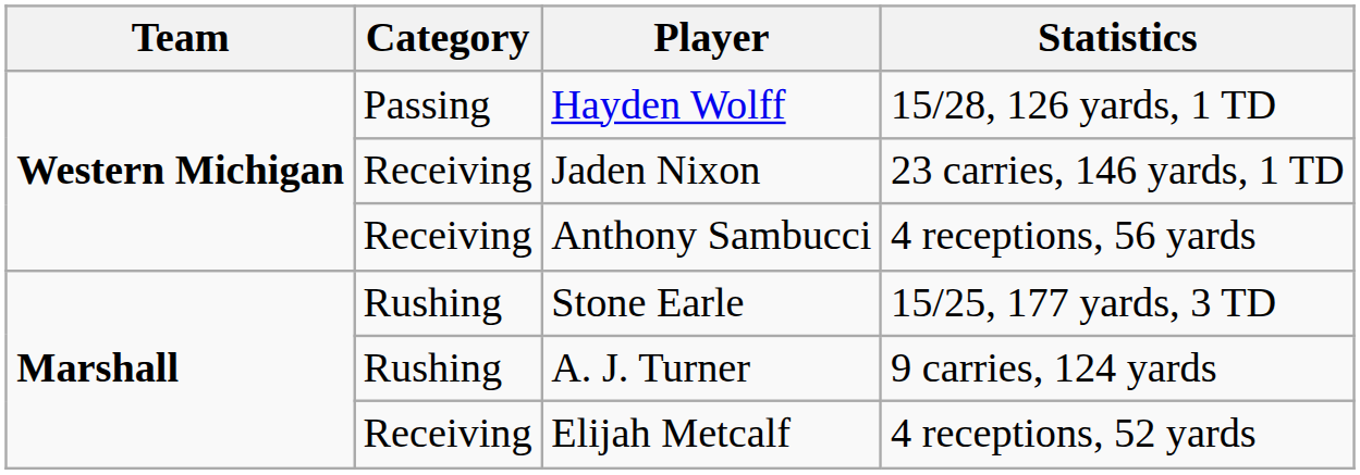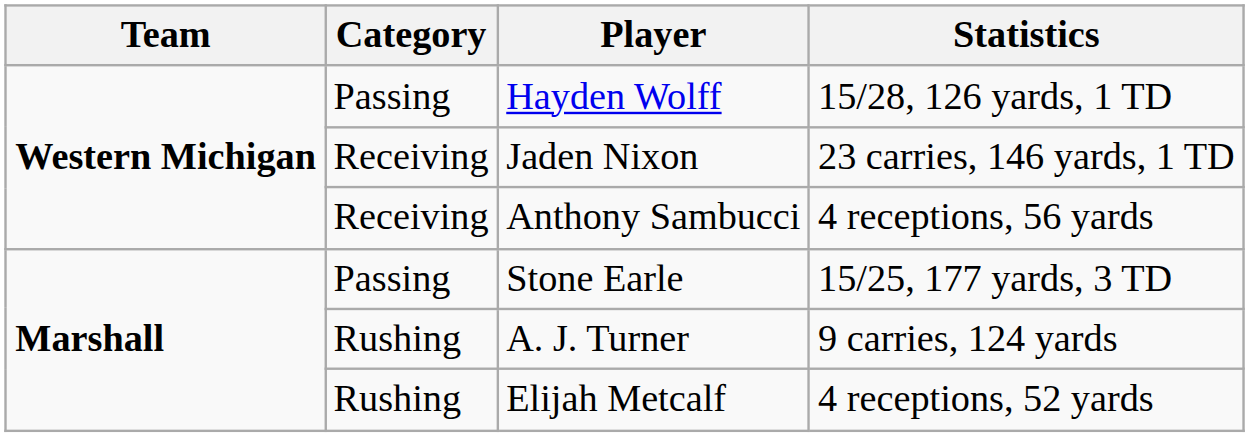 <table class="wikitable" style="float: right;">
 <tr>
 <th>Team</th>
 <th>Category</th>
 <th>Player</th>
 <th>Statistics</th>
 </tr>
 <tr>
 <td rowspan=3><strong>Western Michigan</strong></td>
 <td>Passing</td>
 <td><a href='#'>Hayden Wolff</a></td>
 <td>15/28, 126 yards, 1 TD</td>
 </tr>
 <tr>
 <td>Receiving</td>
 <td>Jaden Nixon</td>
 <td>23 carries, 146 yards, 1 TD</td>
 </tr>
 <tr>
 <td>Receiving</td>
 <td>Anthony Sambucci</td>
 <td>4 receptions, 56 yards</td>
 </tr>
 <tr>
 <td rowspan=3><strong>Marshall</strong></td>
-<td>Rushing</td>
+<td>Passing</td>
 <td>Stone Earle</td>
 <td>15/25, 177 yards, 3 TD</td>
 </tr>
 <tr>
 <td>Rushing</td>
 <td>A. J. Turner</td>
 <td>9 carries, 124 yards</td>
 </tr>
 <tr>
-<td>Receiving</td>
+<td>Rushing</td>
 <td>Elijah Metcalf</td>
 <td>4 receptions, 52 yards</td>
 </tr>
 </table>
